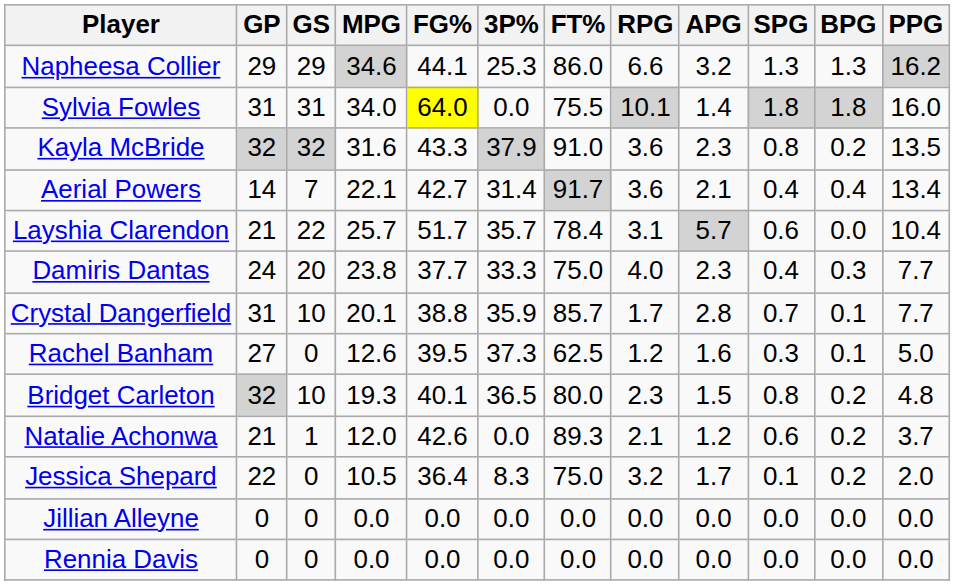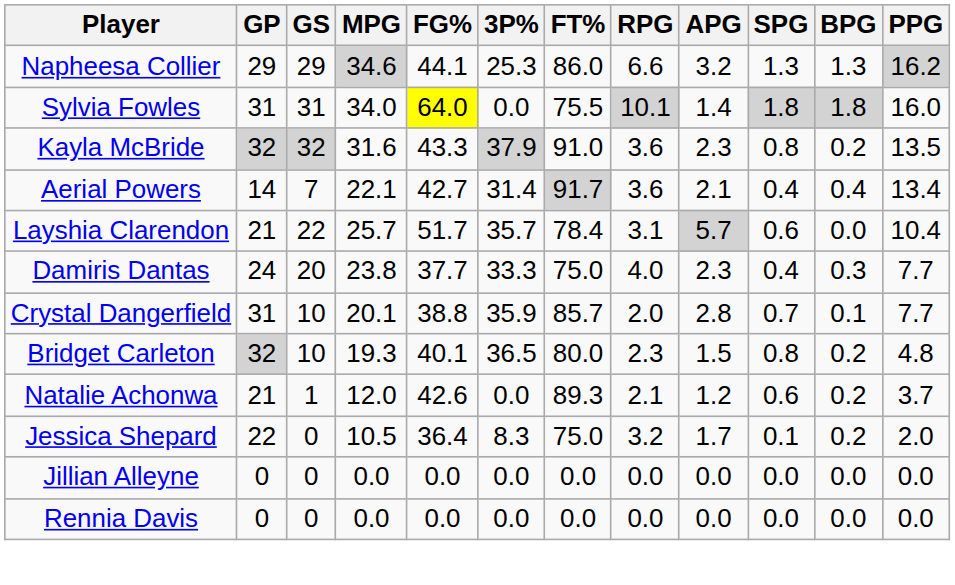 <table class="wikitable sortable" style="text-align:center">
 <tr>
 <th>Player</th>
 <th>GP</th>
 <th>GS</th>
 <th>MPG</th>
 <th>FG%</th>
 <th>3P%</th>
 <th>FT%</th>
 <th>RPG</th>
 <th>APG</th>
 <th>SPG</th>
 <th>BPG</th>
 <th>PPG</th>
 </tr>
 <tr>
 <td><a href='#'>Napheesa Collier</a></td>
 <td>29</td>
 <td>29</td>
 <td style="background:#D3D3D3;">34.6</td>
 <td>44.1</td>
 <td>25.3</td>
 <td>86.0</td>
 <td>6.6</td>
 <td>3.2</td>
 <td>1.3</td>
 <td>1.3</td>
 <td style="background:#D3D3D3;">16.2</td>
 </tr>
 <tr>
 <td><a href='#'>Sylvia Fowles</a></td>
 <td>31</td>
 <td>31</td>
 <td>34.0</td>
 <td style="background:yellow;">64.0</td>
 <td>0.0</td>
 <td>75.5</td>
 <td style="background:#D3D3D3;">10.1</td>
 <td>1.4</td>
 <td style="background:#D3D3D3;">1.8</td>
 <td style="background:#D3D3D3;">1.8</td>
 <td>16.0</td>
 </tr>
 <tr>
 <td><a href='#'>Kayla McBride</a></td>
 <td style="background:#D3D3D3;">32</td>
 <td style="background:#D3D3D3;">32</td>
 <td>31.6</td>
 <td>43.3</td>
 <td style="background:#D3D3D3;">37.9</td>
 <td>91.0</td>
 <td>3.6</td>
 <td>2.3</td>
 <td>0.8</td>
 <td>0.2</td>
 <td>13.5</td>
 </tr>
 <tr>
 <td><a href='#'>Aerial Powers</a></td>
 <td>14</td>
 <td>7</td>
 <td>22.1</td>
 <td>42.7</td>
 <td>31.4</td>
 <td style="background:#D3D3D3;">91.7</td>
 <td>3.6</td>
 <td>2.1</td>
 <td>0.4</td>
 <td>0.4</td>
 <td>13.4</td>
 </tr>
 <tr>
 <td><a href='#'>Layshia Clarendon</a></td>
 <td>21</td>
 <td>22</td>
 <td>25.7</td>
 <td>51.7</td>
 <td>35.7</td>
 <td>78.4</td>
 <td>3.1</td>
 <td style="background:#D3D3D3;">5.7</td>
 <td>0.6</td>
 <td>0.0</td>
 <td>10.4</td>
 </tr>
 <tr>
 <td><a href='#'>Damiris Dantas</a></td>
 <td>24</td>
 <td>20</td>
 <td>23.8</td>
 <td>37.7</td>
 <td>33.3</td>
 <td>75.0</td>
 <td>4.0</td>
 <td>2.3</td>
 <td>0.4</td>
 <td>0.3</td>
 <td>7.7</td>
 </tr>
 <tr>
 <td><a href='#'>Crystal Dangerfield</a></td>
 <td>31</td>
 <td>10</td>
 <td>20.1</td>
 <td>38.8</td>
 <td>35.9</td>
 <td>85.7</td>
-<td>1.7</td>
+<td>2.0</td>
 <td>2.8</td>
 <td>0.7</td>
 <td>0.1</td>
 <td>7.7</td>
-</tr>
-<tr>
-<td><a href='#'>Rachel Banham</a></td>
-<td>27</td>
-<td>0</td>
-<td>12.6</td>
-<td>39.5</td>
-<td>37.3</td>
-<td>62.5</td>
-<td>1.2</td>
-<td>1.6</td>
-<td>0.3</td>
-<td>0.1</td>
-<td>5.0</td>
 </tr>
 <tr>
 <td><a href='#'>Bridget Carleton</a></td>
 <td style="background:#D3D3D3;">32</td>
 <td>10</td>
 <td>19.3</td>
 <td>40.1</td>
 <td>36.5</td>
 <td>80.0</td>
 <td>2.3</td>
 <td>1.5</td>
 <td>0.8</td>
 <td>0.2</td>
 <td>4.8</td>
 </tr>
 <tr>
 <td><a href='#'>Natalie Achonwa</a></td>
 <td>21</td>
 <td>1</td>
 <td>12.0</td>
 <td>42.6</td>
 <td>0.0</td>
 <td>89.3</td>
 <td>2.1</td>
 <td>1.2</td>
 <td>0.6</td>
 <td>0.2</td>
 <td>3.7</td>
 </tr>
 <tr>
 <td><a href='#'>Jessica Shepard</a></td>
 <td>22</td>
 <td>0</td>
 <td>10.5</td>
 <td>36.4</td>
 <td>8.3</td>
 <td>75.0</td>
 <td>3.2</td>
 <td>1.7</td>
 <td>0.1</td>
 <td>0.2</td>
 <td>2.0</td>
 </tr>
 <tr>
 <td><a href='#'>Jillian Alleyne</a></td>
 <td>0</td>
 <td>0</td>
 <td>0.0</td>
 <td>0.0</td>
 <td>0.0</td>
 <td>0.0</td>
 <td>0.0</td>
 <td>0.0</td>
 <td>0.0</td>
 <td>0.0</td>
 <td>0.0</td>
 </tr>
 <tr>
 <td><a href='#'>Rennia Davis</a></td>
 <td>0</td>
 <td>0</td>
 <td>0.0</td>
 <td>0.0</td>
 <td>0.0</td>
 <td>0.0</td>
 <td>0.0</td>
 <td>0.0</td>
 <td>0.0</td>
 <td>0.0</td>
 <td>0.0</td>
 </tr>
 </table>
